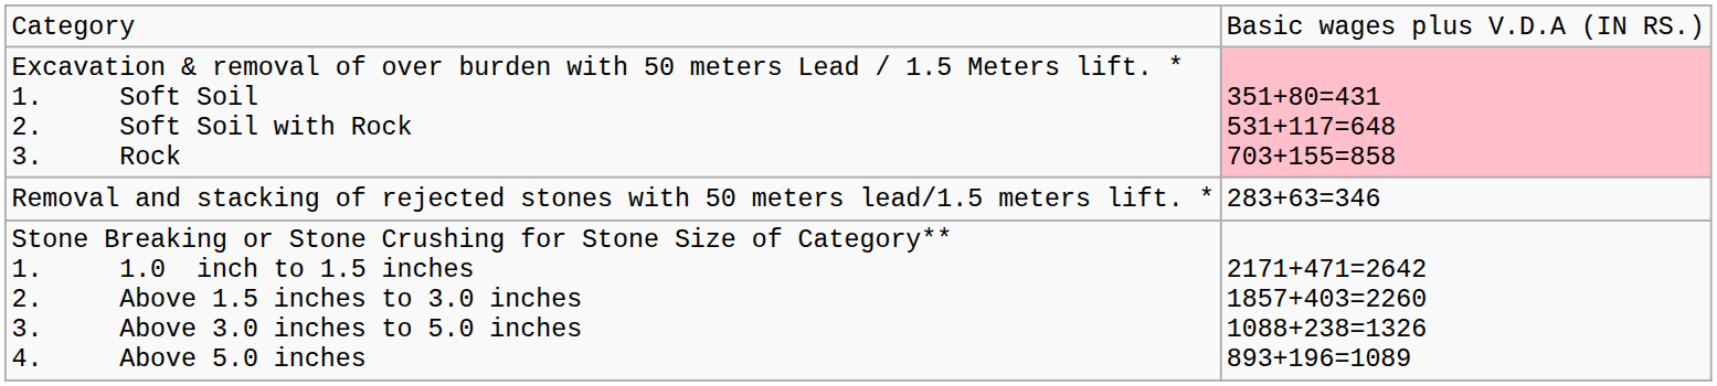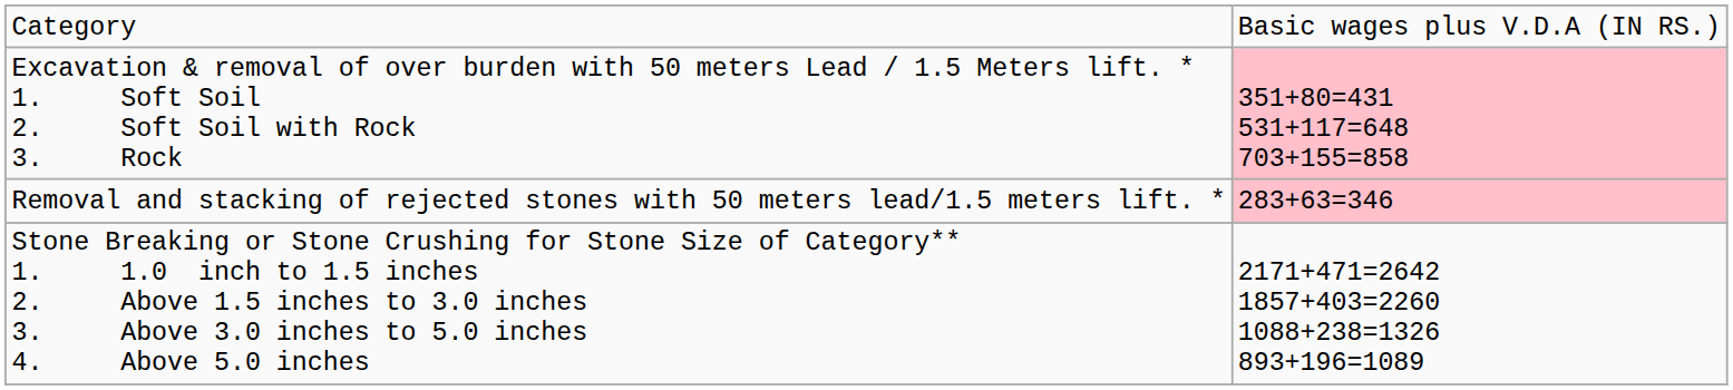 <table class="wikitable">
 <tr>
 <td>Category</td>
 <td>Basic wages plus V.D.A (IN RS.)</td>
 </tr>
 <tr>
 <td>Excavation & removal of over burden with 50 meters Lead / 1.5 Meters lift. *<br>1.     Soft Soil<br>2.     Soft Soil with Rock<br>3.     Rock</td>
 <td style="background: pink;"><br>351+80=431<br>531+117=648<br>703+155=858</td>
 </tr>
 <tr>
 <td>Removal and stacking of rejected stones with 50 meters lead/1.5 meters lift. *</td>
-<td>283+63=346</td>
+<td style="background: pink;">283+63=346</td>
 </tr>
 <tr>
 <td>Stone Breaking or Stone Crushing for Stone Size of Category**<br>1.     1.0  inch to 1.5 inches<br>2.     Above 1.5 inches to 3.0 inches<br>3.     Above 3.0 inches to 5.0 inches<br>4.     Above 5.0 inches</td>
 <td><br>2171+471=2642<br>1857+403=2260<br>1088+238=1326<br>893+196=1089</td>
 </tr>
 </table>
